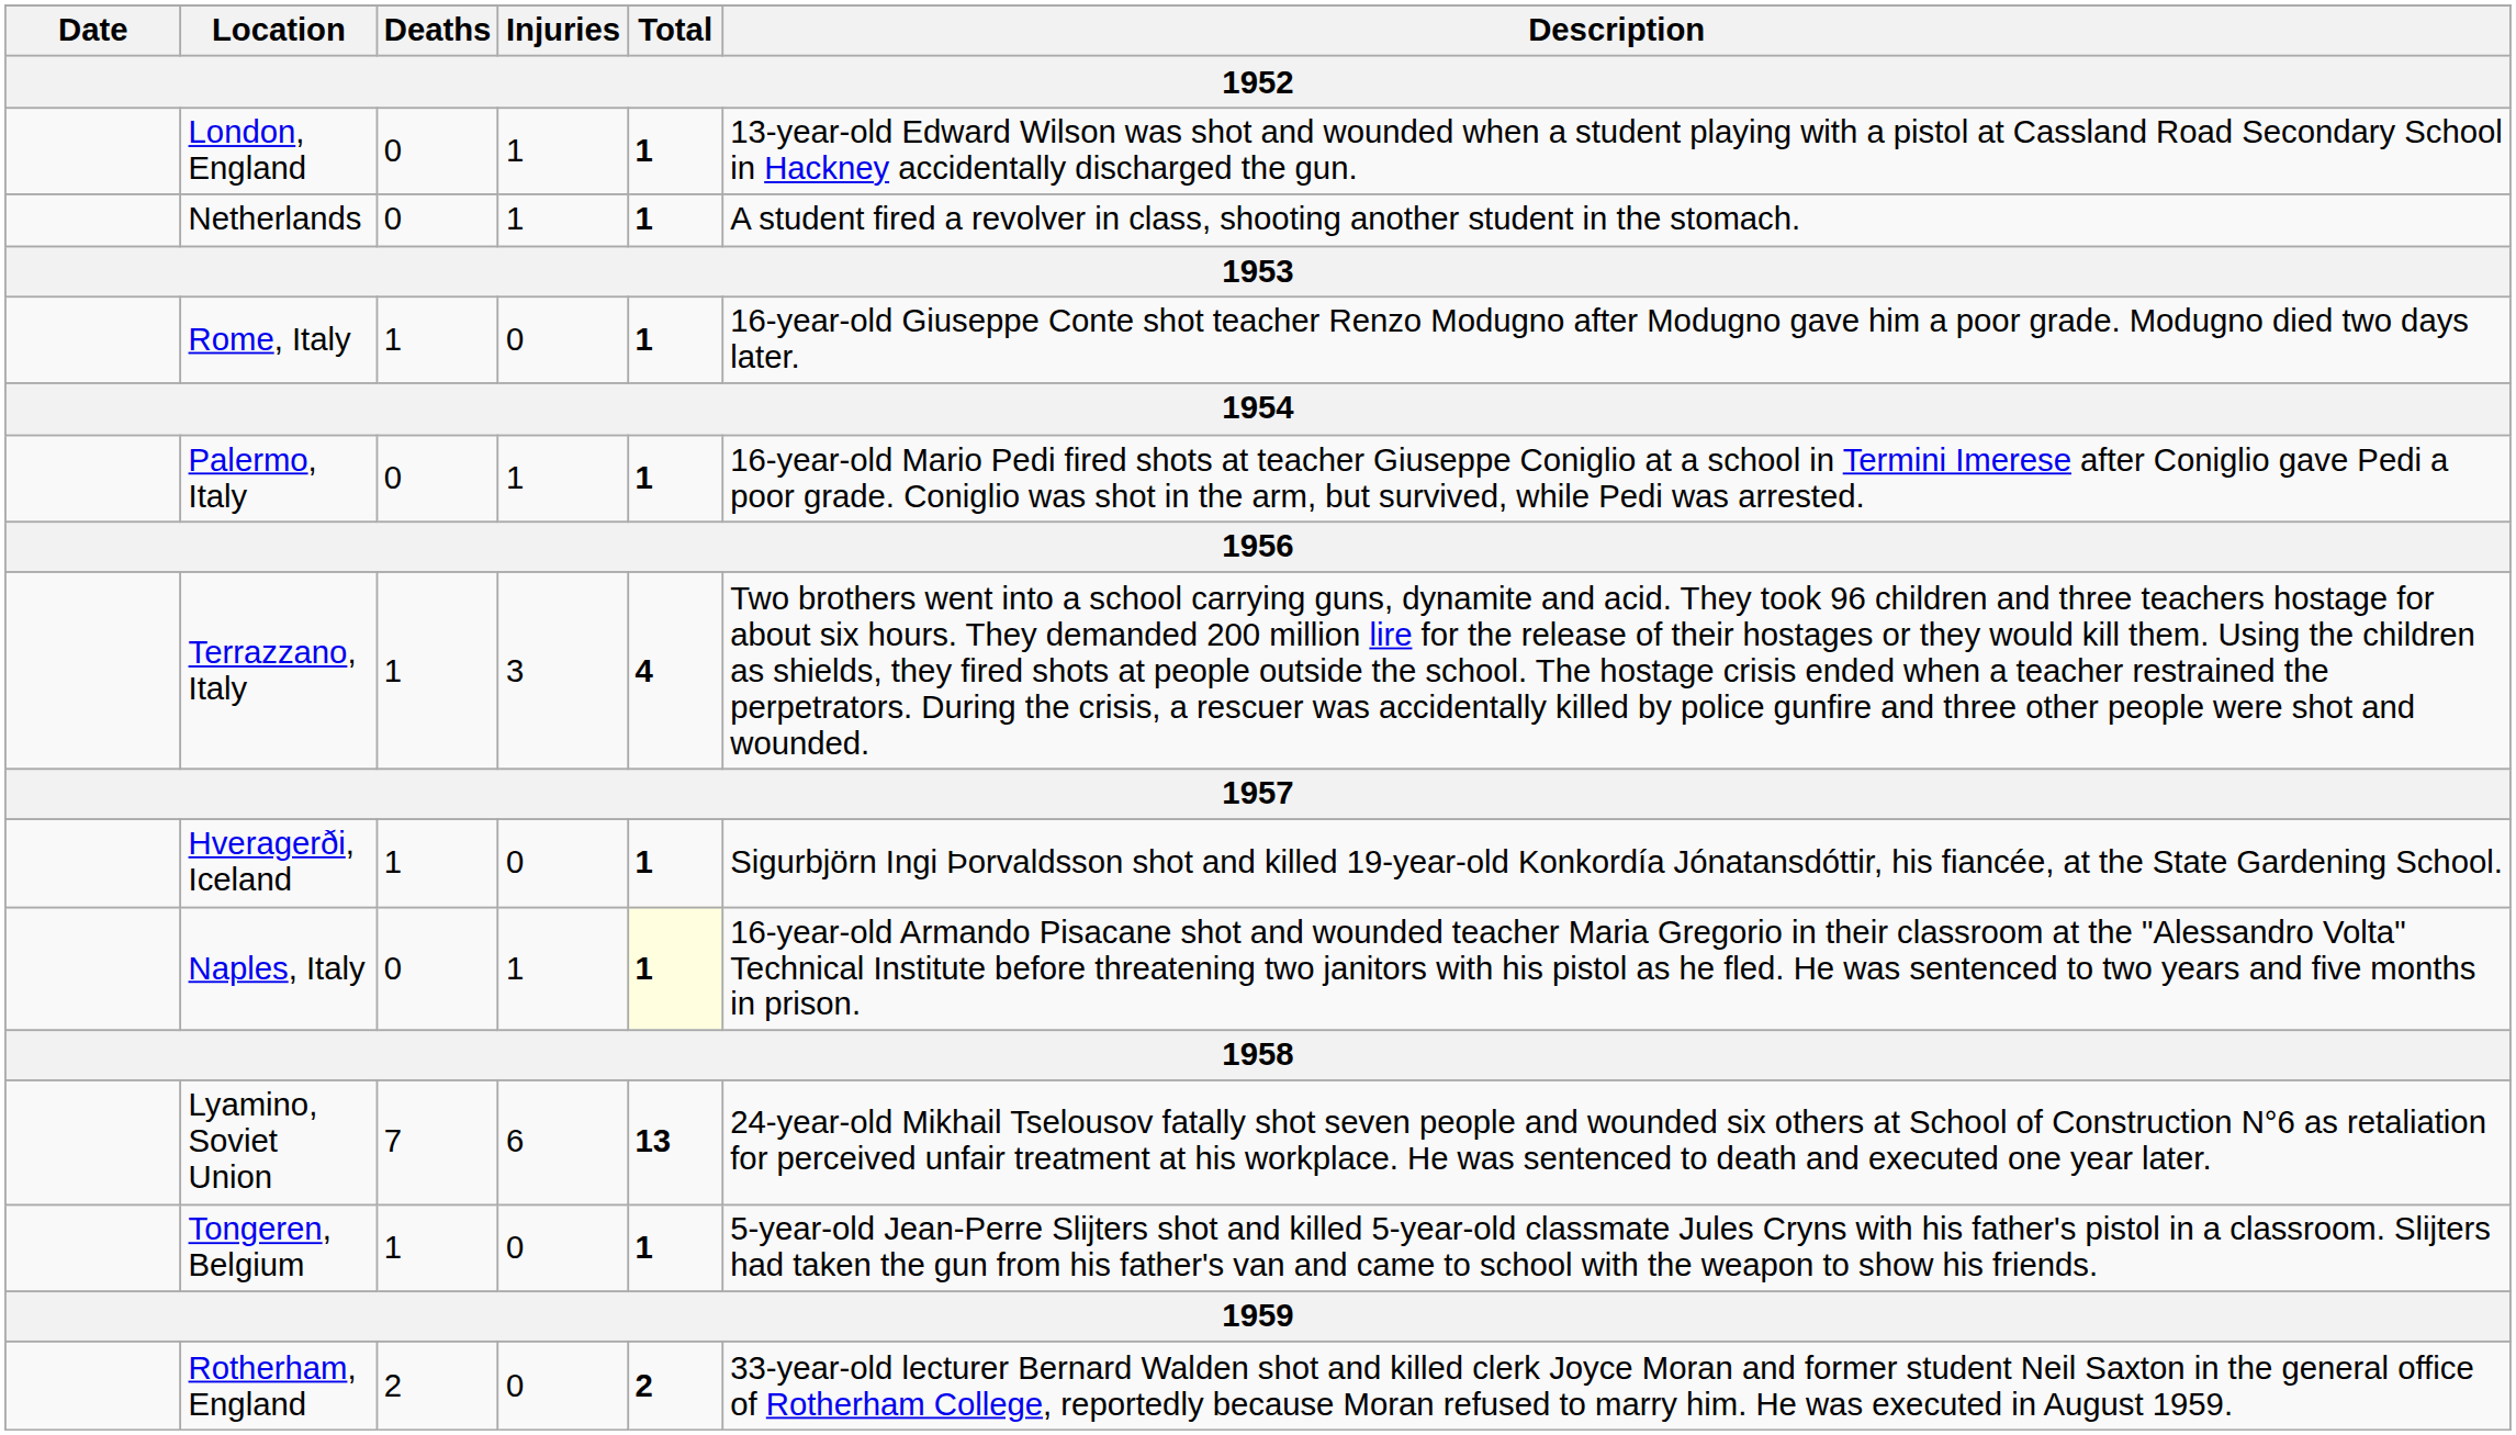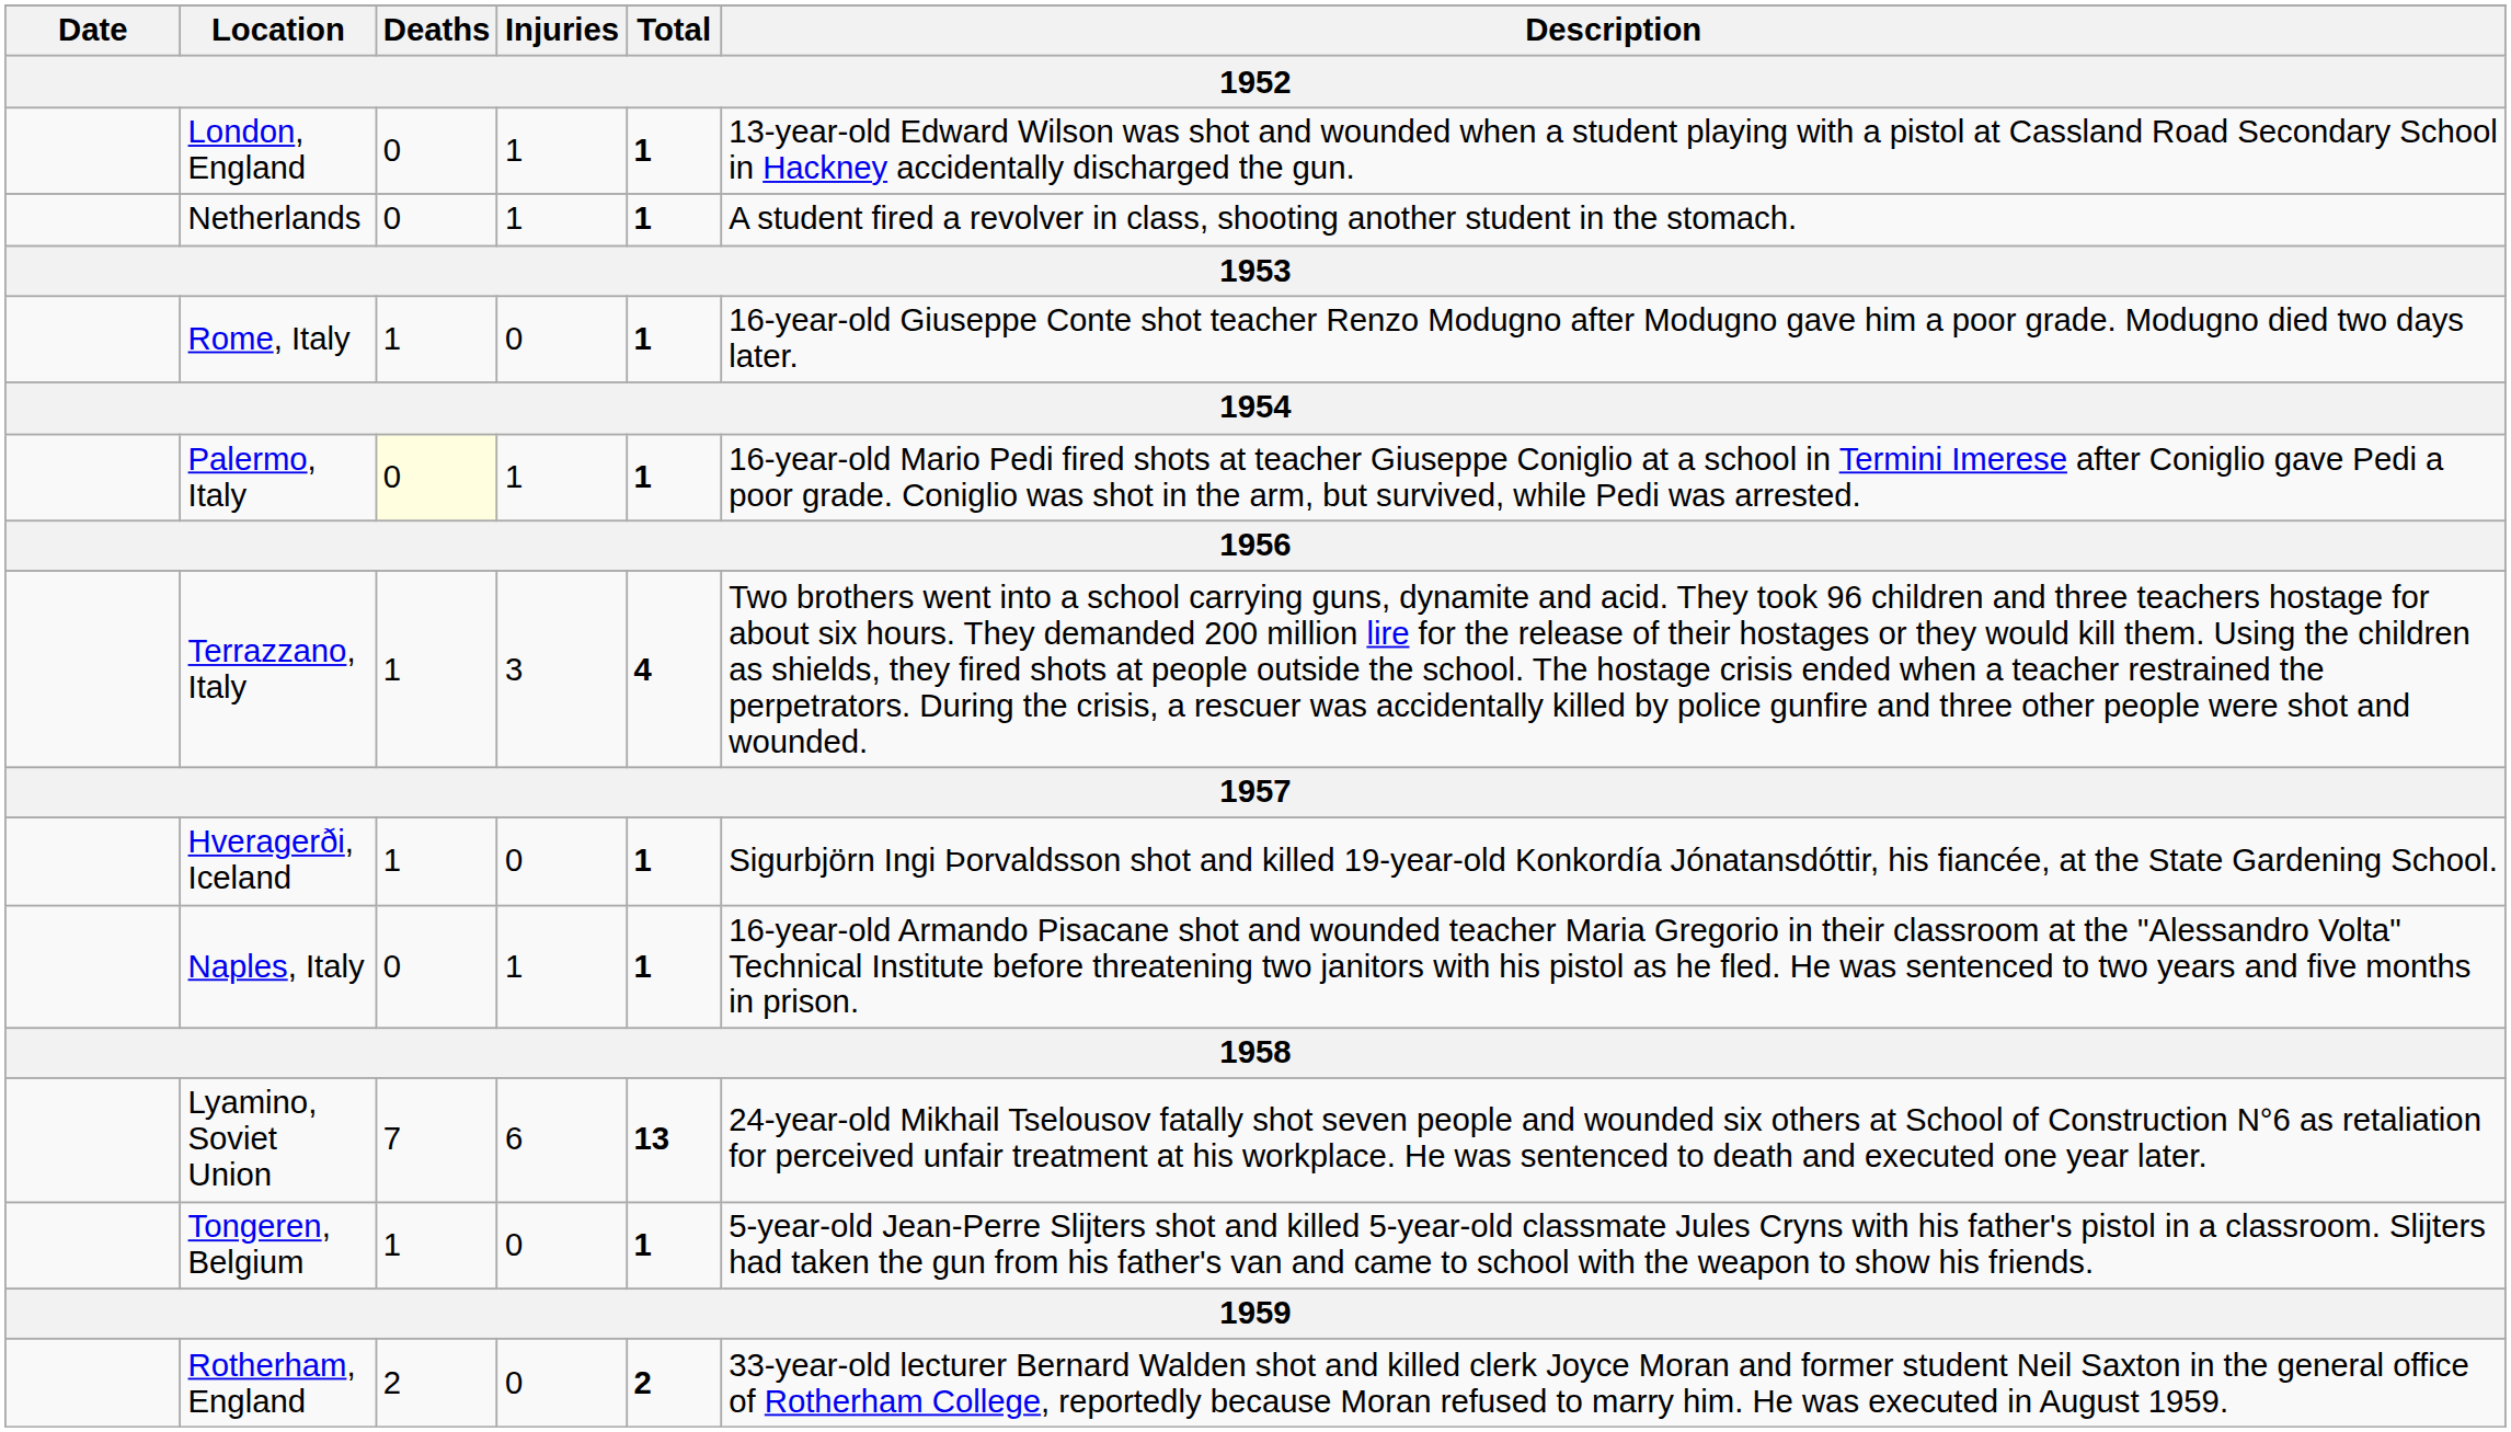 <table class="sortable wikitable" style="font-size:100%;" id="1950s">
 <tr>
 </tr>
 <tr>
 <th style="width:80px;">Date</th>
 <th style="width:90px;">Location</th>
 <th style="width:40px;">Deaths</th>
 <th style="width:40px;">Injuries</th>
 <th style="width:40px;">Total</th>
 <th class="unsortable">Description</th>
 </tr>
 <tr>
 <th colspan="7">1952 </th>
 </tr>
 <tr>
 <td></td>
 <td><a href='#'>London</a>, England</td>
 <td>0</td>
 <td>1</td>
 <td><strong>1</strong></td>
 <td>13-year-old Edward Wilson was shot and wounded when a student playing with a pistol at Cassland Road Secondary School in <a href='#'>Hackney</a> accidentally discharged the gun.</td>
 </tr>
 <tr>
 <td></td>
 <td>Netherlands</td>
 <td>0</td>
 <td>1</td>
 <td><strong>1</strong></td>
 <td>A student fired a revolver in class, shooting another student in the stomach.</td>
 </tr>
 <tr>
 <th colspan="7">1953 </th>
 </tr>
 <tr>
 <td></td>
 <td><a href='#'>Rome</a>, Italy</td>
 <td>1</td>
 <td>0</td>
 <td><strong>1</strong></td>
 <td>16-year-old Giuseppe Conte shot teacher Renzo Modugno after Modugno gave him a poor grade. Modugno died two days later.</td>
 </tr>
 <tr>
 <th colspan="7">1954 </th>
 </tr>
 <tr>
 <td></td>
 <td><a href='#'>Palermo</a>, Italy</td>
-<td>0</td>
+<td style="background: lightyellow;">0</td>
 <td>1</td>
 <td><strong>1</strong></td>
 <td>16-year-old Mario Pedi fired shots at teacher Giuseppe Coniglio at a school in <a href='#'>Termini Imerese</a> after Coniglio gave Pedi a poor grade. Coniglio was shot in the arm, but survived, while Pedi was arrested.</td>
 </tr>
 <tr>
 <th colspan="7">1956 </th>
 </tr>
 <tr>
 <td></td>
 <td><a href='#'>Terrazzano</a>, Italy</td>
 <td>1</td>
 <td>3</td>
 <td><strong>4</strong></td>
 <td>Two brothers went into a school carrying guns, dynamite and acid. They took 96 children and three teachers hostage for about six hours. They demanded 200 million <a href='#'>lire</a> for the release of their hostages or they would kill them. Using the children as shields, they fired shots at people outside the school. The hostage crisis ended when a teacher restrained the perpetrators. During the crisis, a rescuer was accidentally killed by police gunfire and three other people were shot and wounded.</td>
 </tr>
 <tr>
 <th colspan="7">1957 </th>
 </tr>
 <tr>
 <td></td>
 <td><a href='#'>Hveragerði</a>, Iceland</td>
 <td>1</td>
 <td>0</td>
 <td><strong>1</strong></td>
 <td>Sigurbjörn Ingi Þorvaldsson shot and killed 19-year-old Konkordía Jónatansdóttir, his fiancée, at the State Gardening School.</td>
 </tr>
 <tr>
 <td></td>
 <td><a href='#'>Naples</a>, Italy</td>
 <td>0</td>
 <td>1</td>
-<td style="background: lightyellow;"><strong>1</strong></td>
+<td><strong>1</strong></td>
 <td>16-year-old Armando Pisacane shot and wounded teacher Maria Gregorio in their classroom at the "Alessandro Volta" Technical Institute before threatening two janitors with his pistol as he fled. He was sentenced to two years and five months in prison.</td>
 </tr>
 <tr>
 <th colspan="7">1958 </th>
 </tr>
 <tr>
 <td></td>
 <td>Lyamino, Soviet Union</td>
 <td>7</td>
 <td>6</td>
 <td><strong>13</strong></td>
 <td>24-year-old Mikhail Tselousov fatally shot seven people and wounded six others at School of Construction N°6 as retaliation for perceived unfair treatment at his workplace. He was sentenced to death and executed one year later.</td>
 </tr>
 <tr>
 <td></td>
 <td><a href='#'>Tongeren</a>, Belgium</td>
 <td>1</td>
 <td>0</td>
 <td><strong>1</strong></td>
 <td>5-year-old Jean-Perre Slijters shot and killed 5-year-old classmate Jules Cryns with his father's pistol in a classroom. Slijters had taken the gun from his father's van and came to school with the weapon to show his friends.</td>
 </tr>
 <tr>
 <th colspan="7">1959 </th>
 </tr>
 <tr>
 <td></td>
 <td><a href='#'>Rotherham</a>, England</td>
 <td>2</td>
 <td>0</td>
 <td><strong>2</strong></td>
 <td>33-year-old lecturer Bernard Walden shot and killed clerk Joyce Moran and former student Neil Saxton in the general office of <a href='#'>Rotherham College</a>, reportedly because Moran refused to marry him. He was executed in August 1959.</td>
 </tr>
 </table>
